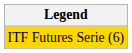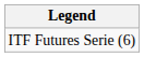 <table class="wikitable">
 <tr>
 <th>Legend</th>
 </tr>
 <tr>
-<td style="background: gold;">ITF Futures Serie (6)</td>
+<td>ITF Futures Serie (6)</td>
 </tr>
 </table>
